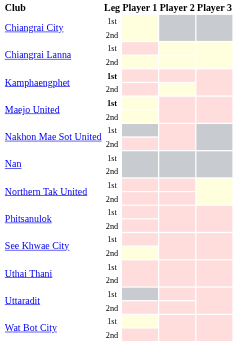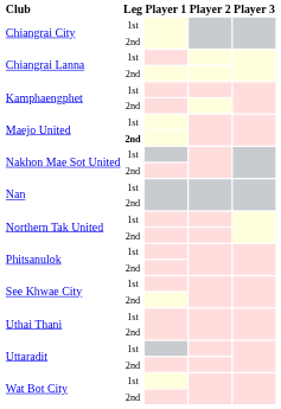 <table class="sortable" style="text-align:left">
 <tr>
 <th>Club</th>
 <th>Leg</th>
 <th>Player 1</th>
 <th>Player 2</th>
 <th>Player 3</th>
 </tr>
 <tr>
 <td rowspan="2"><a href='#'>Chiangrai City</a></td>
 <td align="center"><small>1st</small></td>
 <td bgcolor="#ffffdd"rowspan="2"></td>
 <td bgcolor="#c8ccd1"rowspan="2"></td>
 <td bgcolor="#c8ccd1"rowspan="2"></td>
 </tr>
 <tr>
 <td align="center"><small>2nd</small></td>
 </tr>
 <tr>
 <td rowspan="2"><a href='#'>Chiangrai Lanna</a></td>
 <td align="center"><small>1st</small></td>
 <td bgcolor="#ffdddd"></td>
 <td bgcolor="#ffffdd"></td>
 <td bgcolor="#ffffdd"rowspan="2"></td>
 </tr>
 <tr>
 <td align="center"><small>2nd</small></td>
 <td bgcolor="#ffffdd"></td>
 <td bgcolor="#ffffdd"></td>
 </tr>
 <tr>
 <td rowspan="2"><a href='#'>Kamphaengphet</a></td>
-<td align="center"><strong><small>1st</small></strong></td>
+<td align="center"><small>1st</small></td>
 <td bgcolor="#ffdddd"></td>
 <td bgcolor="#ffdddd"></td>
 <td bgcolor="#ffdddd"rowspan="2"></td>
 </tr>
 <tr>
 <td align="center"><small>2nd</small></td>
 <td bgcolor="#ffdddd"></td>
 <td bgcolor="#ffffdd"></td>
 </tr>
 <tr>
 <td rowspan="2"><a href='#'>Maejo United</a></td>
-<td align="center"><strong><small>1st</small></strong></td>
+<td align="center"><small>1st</small></td>
 <td bgcolor="#ffffdd"></td>
 <td bgcolor="#ffdddd"rowspan="2"></td>
 <td bgcolor="#ffdddd"rowspan="2"></td>
 </tr>
 <tr>
-<td align="center"><small>2nd</small></td>
+<td align="center"><strong><small>2nd</small></strong></td>
 <td bgcolor="#ffffdd"></td>
 </tr>
 <tr>
 <td rowspan="2"><a href='#'>Nakhon Mae Sot United</a></td>
 <td align="center"><small>1st</small></td>
 <td bgcolor="#c8ccd1"></td>
 <td bgcolor="#ffdddd"rowspan="2"></td>
 <td bgcolor="#c8ccd1"rowspan="2"></td>
 </tr>
 <tr>
 <td align="center"><small>2nd</small></td>
 <td bgcolor="#ffdddd"></td>
 </tr>
 <tr>
 <td rowspan="2"><a href='#'>Nan</a></td>
 <td align="center"><small>1st</small></td>
 <td bgcolor="#c8ccd1"rowspan="2"></td>
 <td bgcolor="#c8ccd1"rowspan="2"></td>
 <td bgcolor="#c8ccd1"rowspan="2"></td>
 </tr>
 <tr>
 <td align="center"><small>2nd</small></td>
 </tr>
 <tr>
 <td rowspan="2"><a href='#'>Northern Tak United</a></td>
 <td align="center"><small>1st</small></td>
 <td bgcolor="#ffdddd"></td>
 <td bgcolor="#ffdddd"></td>
 <td bgcolor="#ffffdd"rowspan="2"></td>
 </tr>
 <tr>
 <td align="center"><small>2nd</small></td>
 <td bgcolor="#ffdddd"></td>
 <td bgcolor="#ffdddd"></td>
 </tr>
 <tr>
 <td rowspan="2"><a href='#'>Phitsanulok</a></td>
 <td align="center"><small>1st</small></td>
 <td bgcolor="#ffdddd"></td>
 <td bgcolor="#ffdddd"rowspan="2"></td>
 <td bgcolor="#ffdddd"rowspan="2"></td>
 </tr>
 <tr>
 <td align="center"><small>2nd</small></td>
 <td bgcolor="#ffdddd"></td>
 </tr>
 <tr>
 <td rowspan="2"><a href='#'>See Khwae City</a></td>
 <td align="center"><small>1st</small></td>
 <td bgcolor="#ffdddd"></td>
 <td bgcolor="#ffdddd"rowspan="2"></td>
 <td bgcolor="#ffdddd"rowspan="2"></td>
 </tr>
 <tr>
 <td align="center"><small>2nd</small></td>
 <td bgcolor="#ffffdd"></td>
 </tr>
 <tr>
 <td rowspan="2"><a href='#'>Uthai Thani</a></td>
 <td align="center"><small>1st</small></td>
 <td bgcolor="#ffdddd"rowspan="2"></td>
 <td bgcolor="#ffdddd"rowspan="2"></td>
 <td bgcolor="#ffdddd"rowspan="2"></td>
 </tr>
 <tr>
 <td align="center"><small>2nd</small></td>
 </tr>
 <tr>
 <td rowspan="2"><a href='#'>Uttaradit</a></td>
 <td align="center"><small>1st</small></td>
 <td bgcolor="#c8ccd1"></td>
 <td bgcolor="#ffdddd"></td>
 <td bgcolor="#ffdddd"rowspan="2"></td>
 </tr>
 <tr>
 <td align="center"><small>2nd</small></td>
 <td bgcolor="#ffdddd"></td>
 <td bgcolor="#ffdddd"></td>
 </tr>
 <tr>
 <td rowspan="2"><a href='#'>Wat Bot City</a></td>
 <td align="center"><small>1st</small></td>
 <td bgcolor="#ffffdd"></td>
 <td bgcolor="#ffdddd"rowspan="2"></td>
 <td bgcolor="#ffdddd"rowspan="2"></td>
 </tr>
 <tr>
 <td align="center"><small>2nd</small></td>
 <td bgcolor="#ffdddd"></td>
 </tr>
 </table>
